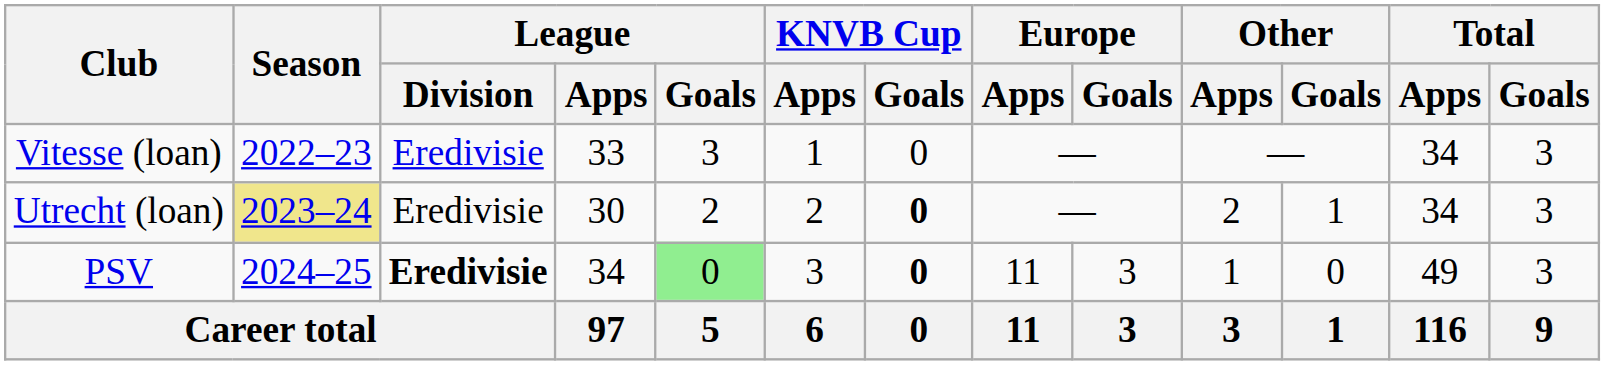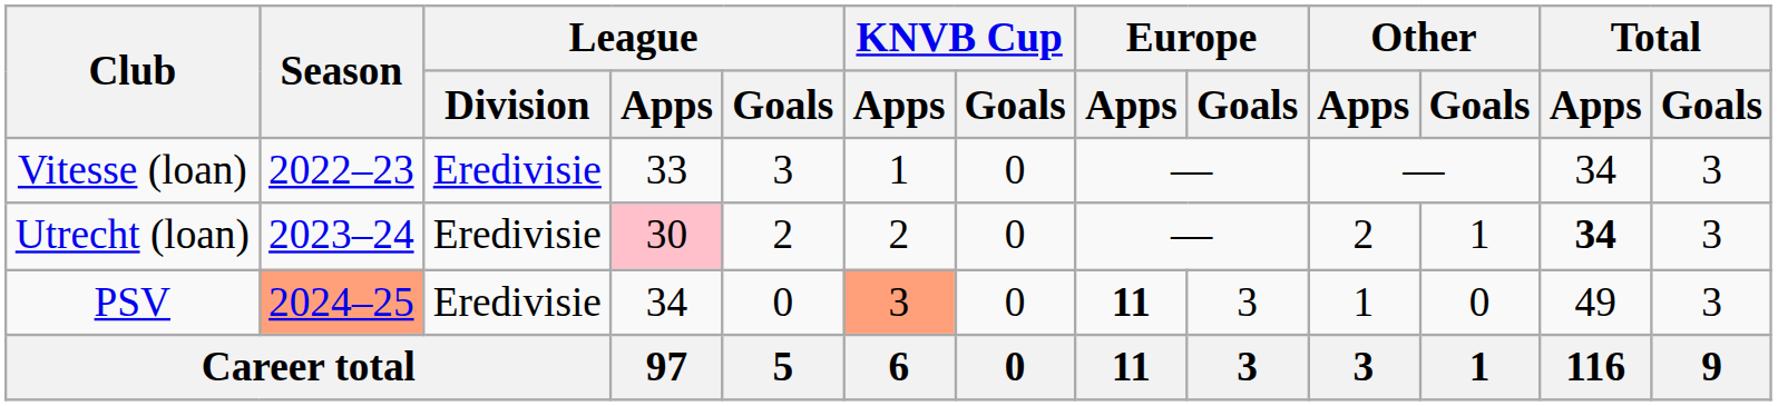 <table class="wikitable" style="text-align: center">
 <tr>
 <th rowspan="2">Club</th>
 <th rowspan="2">Season</th>
 <th colspan="3">League</th>
 <th colspan="2"><a href='#'>KNVB Cup</a></th>
 <th colspan="2">Europe</th>
 <th colspan="2">Other</th>
 <th colspan="2">Total</th>
 </tr>
 <tr>
 <th>Division</th>
 <th>Apps</th>
 <th>Goals</th>
 <th>Apps</th>
 <th>Goals</th>
 <th>Apps</th>
 <th>Goals</th>
 <th>Apps</th>
 <th>Goals</th>
 <th>Apps</th>
 <th>Goals</th>
 </tr>
 <tr>
 <td><a href='#'>Vitesse</a> (loan)</td>
 <td><a href='#'>2022–23</a></td>
 <td><a href='#'>Eredivisie</a></td>
 <td>33</td>
 <td>3</td>
 <td>1</td>
 <td>0</td>
 <td colspan="2">—</td>
 <td colspan="2">—</td>
 <td>34</td>
 <td>3</td>
 </tr>
 <tr>
 <td><a href='#'>Utrecht</a> (loan)</td>
-<td style="background: khaki;"><a href='#'>2023–24</a></td>
+<td><a href='#'>2023–24</a></td>
 <td>Eredivisie</td>
-<td>30</td>
+<td style="background: pink;">30</td>
 <td>2</td>
 <td>2</td>
-<td><strong>0</strong></td>
+<td>0</td>
 <td colspan="2">—</td>
 <td>2</td>
 <td>1</td>
-<td>34</td>
+<td><strong>34</strong></td>
 <td>3</td>
 </tr>
 <tr>
 <td><a href='#'>PSV</a></td>
-<td><a href='#'>2024–25</a></td>
-<td><strong>Eredivisie</strong></td>
+<td style="background: lightsalmon;"><a href='#'>2024–25</a></td>
+<td>Eredivisie</td>
 <td>34</td>
-<td style="background: lightgreen;">0</td>
-<td>3</td>
-<td><strong>0</strong></td>
-<td>11</td>
+<td>0</td>
+<td style="background: lightsalmon;">3</td>
+<td>0</td>
+<td><strong>11</strong></td>
 <td>3</td>
 <td>1</td>
 <td>0</td>
 <td>49</td>
 <td>3</td>
 </tr>
 <tr>
 <th colspan="3">Career total</th>
 <th>97</th>
 <th>5</th>
 <th>6</th>
 <th>0</th>
 <th>11</th>
 <th>3</th>
 <th>3</th>
 <th>1</th>
 <th>116</th>
 <th>9</th>
 </tr>
 </table>
